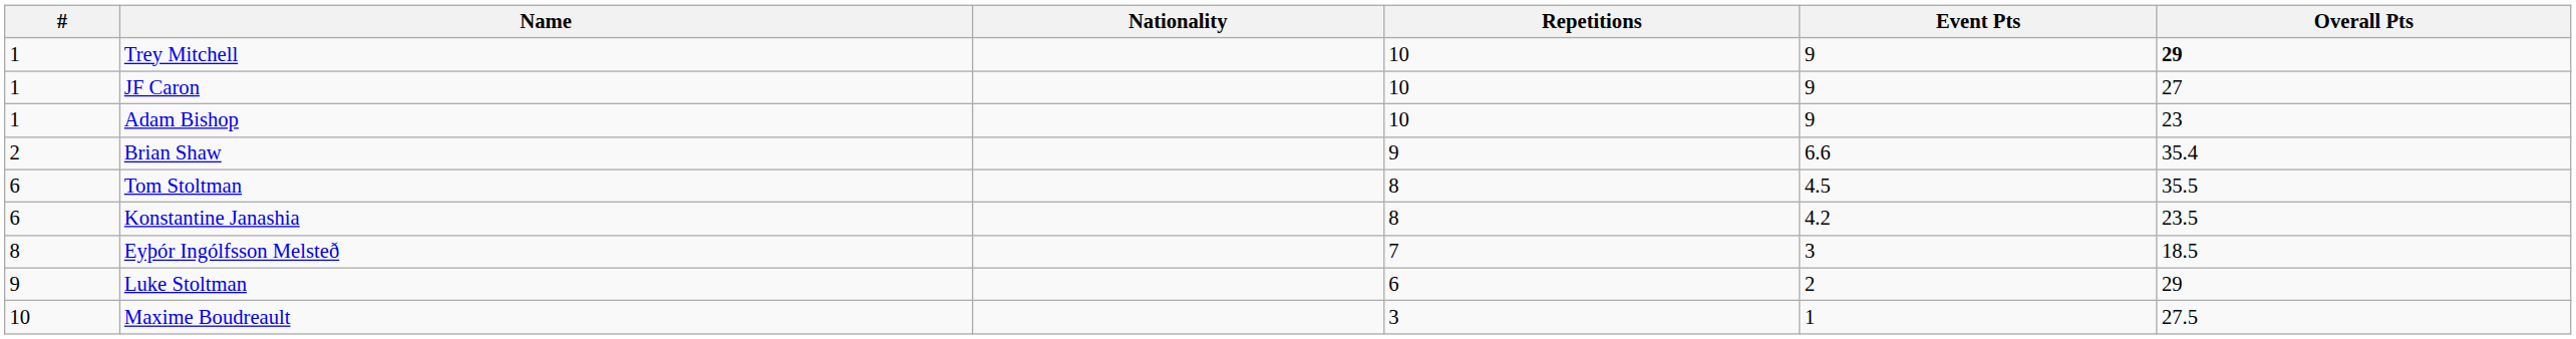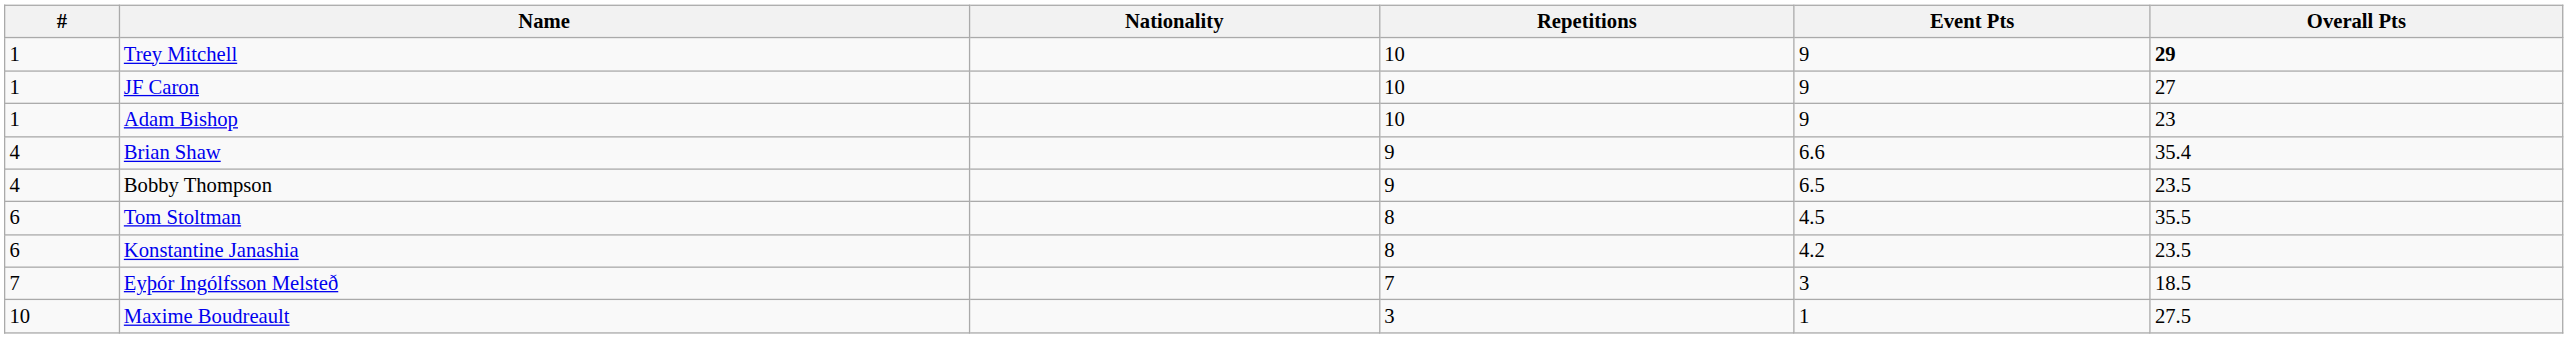 <table class="wikitable sortable" style="display: inline-table;width: 100%;">
 <tr>
 <th>#</th>
 <th>Name</th>
 <th>Nationality</th>
 <th>Repetitions</th>
 <th>Event Pts</th>
 <th>Overall Pts</th>
 </tr>
 <tr>
 <td>1</td>
 <td><a href='#'>Trey Mitchell</a></td>
 <td></td>
 <td>10</td>
 <td>9</td>
 <td><strong>29</strong></td>
 </tr>
 <tr>
 <td>1</td>
 <td><a href='#'>JF Caron</a></td>
 <td></td>
 <td>10</td>
 <td>9</td>
 <td>27</td>
 </tr>
 <tr>
 <td>1</td>
 <td><a href='#'>Adam Bishop</a></td>
 <td></td>
 <td>10</td>
 <td>9</td>
 <td>23</td>
 </tr>
 <tr>
-<td>2</td>
+<td>4</td>
 <td><a href='#'>Brian Shaw</a></td>
 <td></td>
 <td>9</td>
 <td>6.6</td>
 <td>35.4</td>
+</tr>
+<tr>
+<td>4</td>
+<td>Bobby Thompson</td>
+<td></td>
+<td>9</td>
+<td>6.5</td>
+<td>23.5</td>
 </tr>
 <tr>
 <td>6</td>
 <td><a href='#'>Tom Stoltman</a></td>
 <td></td>
 <td>8</td>
 <td>4.5</td>
 <td>35.5</td>
 </tr>
 <tr>
 <td>6</td>
 <td><a href='#'>Konstantine Janashia</a></td>
 <td></td>
 <td>8</td>
 <td>4.2</td>
 <td>23.5</td>
 </tr>
 <tr>
-<td>8</td>
+<td>7</td>
 <td><a href='#'>Eyþór Ingólfsson Melsteð</a></td>
 <td></td>
 <td>7</td>
 <td>3</td>
 <td>18.5</td>
-</tr>
-<tr>
-<td>9</td>
-<td><a href='#'>Luke Stoltman</a></td>
-<td></td>
-<td>6</td>
-<td>2</td>
-<td>29</td>
 </tr>
 <tr>
 <td>10</td>
 <td><a href='#'>Maxime Boudreault</a></td>
 <td></td>
 <td>3</td>
 <td>1</td>
 <td>27.5</td>
 </tr>
 </table>
